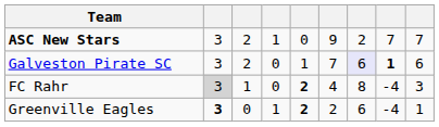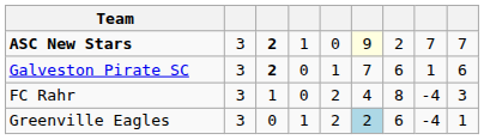 <table class="wikitable" style="text-align:center;">
 <tr>
 <th width=175>Team</th>
 <th width=20></th>
 <th width=20></th>
 <th width=20></th>
 <th width=20></th>
 <th width=20></th>
 <th width=20></th>
 <th width=20></th>
 <th width=20></th>
 </tr>
 <tr>
 <td align=left> <strong>ASC New Stars</strong></td>
 <td>3</td>
-<td>2</td>
+<td><strong>2</strong></td>
 <td>1</td>
 <td>0</td>
-<td>9</td>
+<td style="background: lightyellow;">9</td>
 <td>2</td>
 <td>7</td>
 <td>7</td>
 </tr>
 <tr>
 <td align=left> <a href='#'>Galveston Pirate SC</a></td>
 <td>3</td>
-<td>2</td>
+<td><strong>2</strong></td>
 <td>0</td>
 <td>1</td>
 <td>7</td>
-<td style="background: lavender;">6</td>
-<td><strong>1</strong></td>
+<td>6</td>
+<td>1</td>
 <td>6</td>
 </tr>
 <tr>
 <td align=left> FC Rahr</td>
-<td style="background: lightgrey;">3</td>
+<td>3</td>
 <td>1</td>
 <td>0</td>
-<td><strong>2</strong></td>
+<td>2</td>
 <td>4</td>
 <td>8</td>
 <td>-4</td>
 <td>3</td>
 </tr>
 <tr>
 <td align=left> Greenville Eagles</td>
-<td><strong>3</strong></td>
+<td>3</td>
 <td>0</td>
 <td>1</td>
-<td><strong>2</strong></td>
 <td>2</td>
+<td style="background: lightblue;">2</td>
 <td>6</td>
 <td>-4</td>
 <td>1</td>
 </tr>
 </table>
